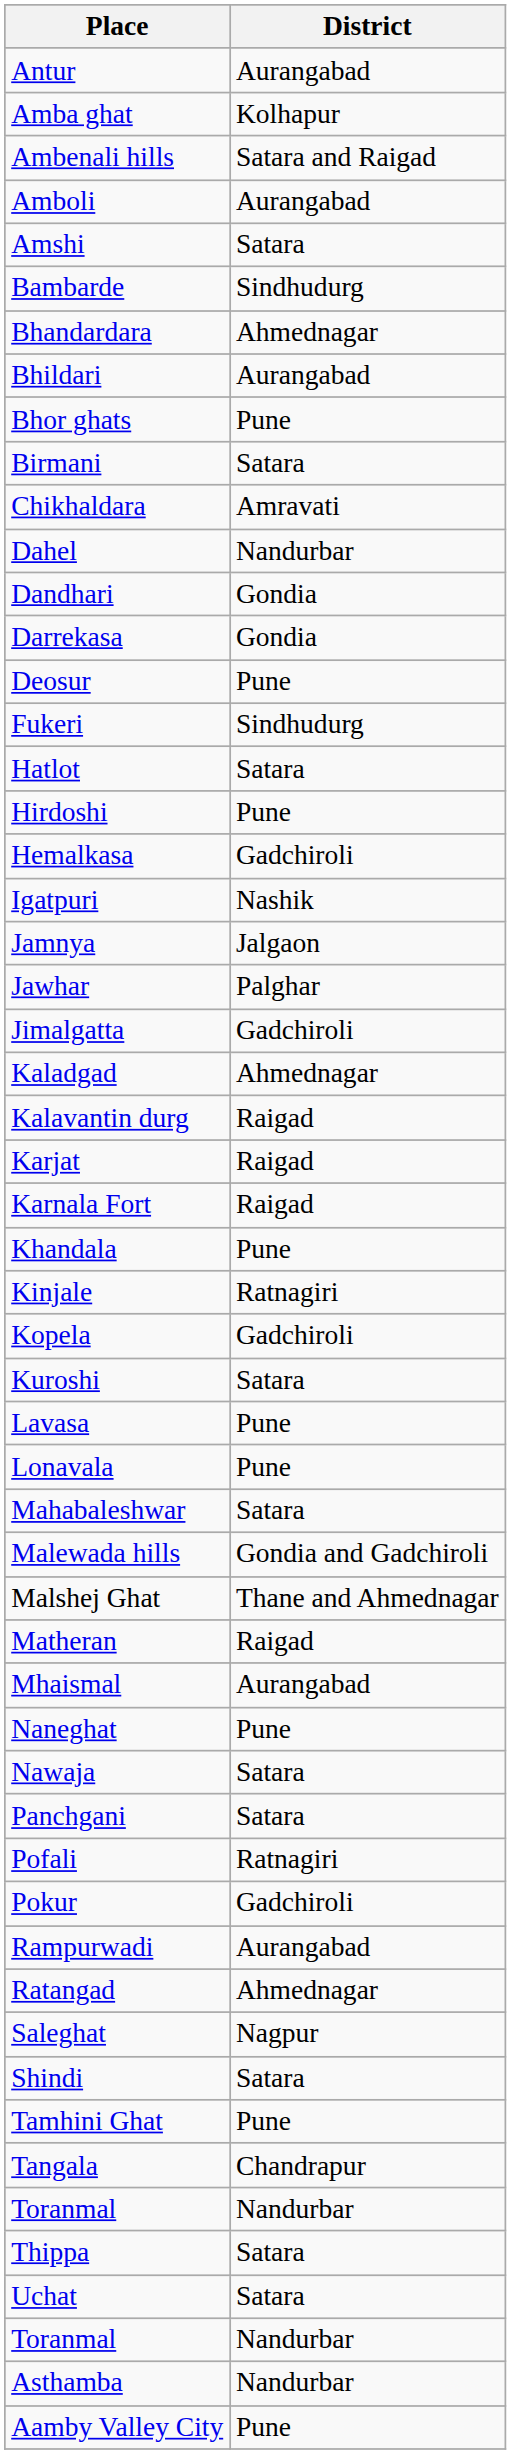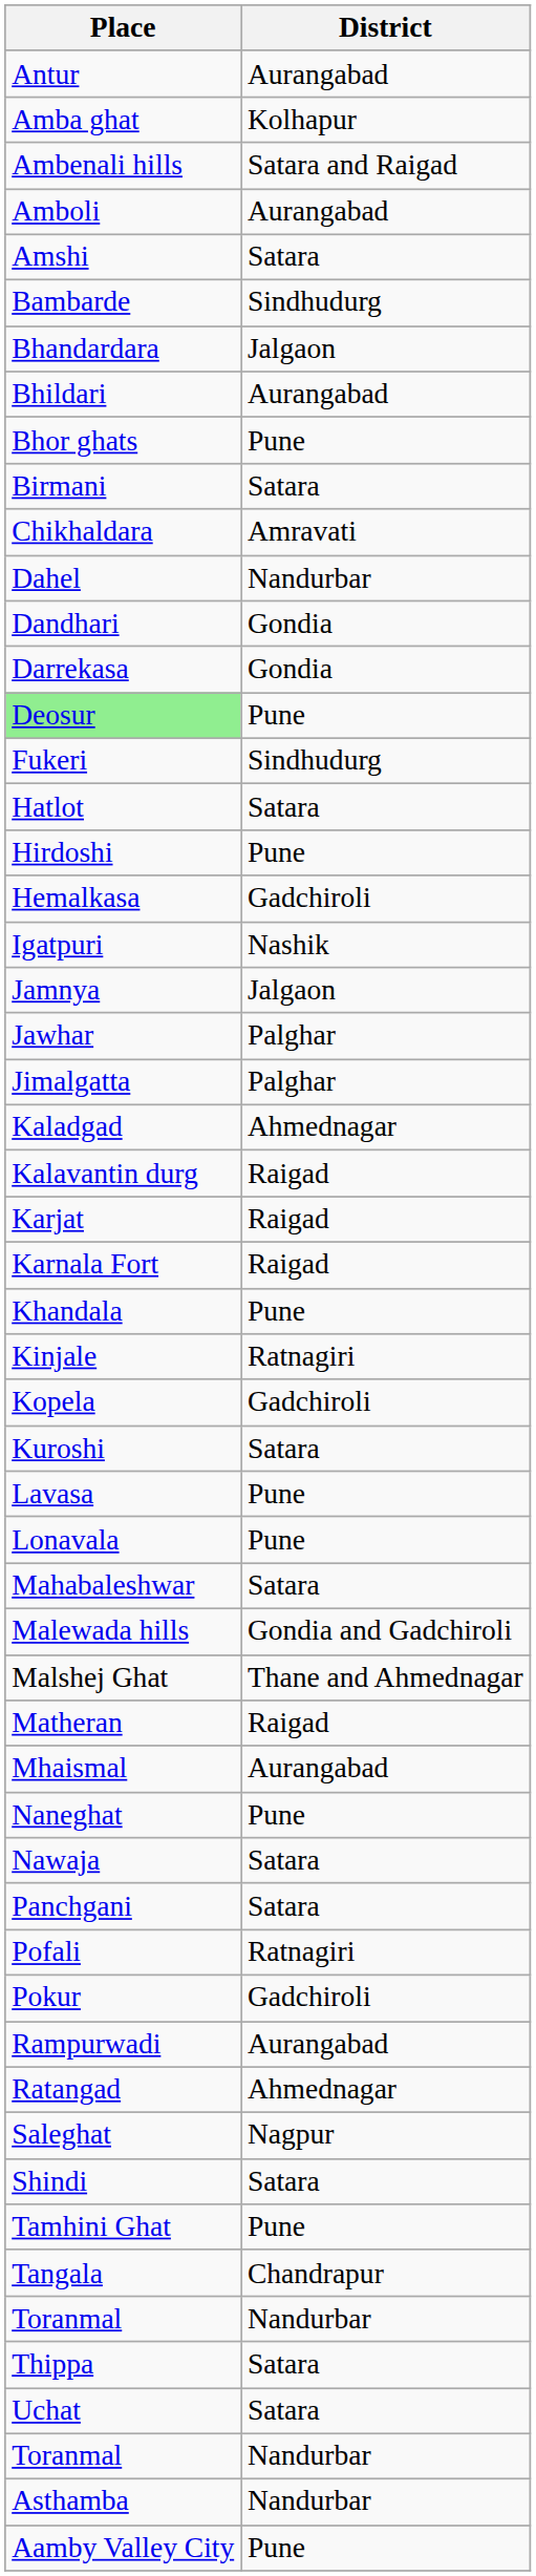 <table class="wikitable sortable">
 <tr>
 <th>Place</th>
 <th>District</th>
 </tr>
 <tr>
 <td><a href='#'>Antur</a></td>
 <td>Aurangabad</td>
 </tr>
 <tr>
 <td><a href='#'>Amba ghat</a></td>
 <td>Kolhapur</td>
 </tr>
 <tr>
 <td><a href='#'>Ambenali hills</a></td>
 <td>Satara and Raigad</td>
 </tr>
 <tr>
 <td><a href='#'>Amboli</a></td>
 <td>Aurangabad</td>
 </tr>
 <tr>
 <td><a href='#'>Amshi</a></td>
 <td>Satara</td>
 </tr>
 <tr>
 <td><a href='#'>Bambarde</a></td>
 <td>Sindhudurg</td>
 </tr>
 <tr>
 <td><a href='#'>Bhandardara</a></td>
-<td>Ahmednagar</td>
+<td>Jalgaon</td>
 </tr>
 <tr>
 <td><a href='#'>Bhildari</a></td>
 <td>Aurangabad</td>
 </tr>
 <tr>
 <td><a href='#'>Bhor ghats</a></td>
 <td>Pune</td>
 </tr>
 <tr>
 <td><a href='#'>Birmani</a></td>
 <td>Satara</td>
 </tr>
 <tr>
 <td><a href='#'>Chikhaldara</a></td>
 <td>Amravati</td>
 </tr>
 <tr>
 <td><a href='#'>Dahel</a></td>
 <td>Nandurbar</td>
 </tr>
 <tr>
 <td><a href='#'>Dandhari</a></td>
 <td>Gondia</td>
 </tr>
 <tr>
 <td><a href='#'>Darrekasa</a></td>
 <td>Gondia</td>
 </tr>
 <tr>
-<td><a href='#'>Deosur</a></td>
+<td style="background: lightgreen;"><a href='#'>Deosur</a></td>
 <td>Pune</td>
 </tr>
 <tr>
 <td><a href='#'>Fukeri</a></td>
 <td>Sindhudurg</td>
 </tr>
 <tr>
 <td><a href='#'>Hatlot</a></td>
 <td>Satara</td>
 </tr>
 <tr>
 <td><a href='#'>Hirdoshi</a></td>
 <td>Pune</td>
 </tr>
 <tr>
 <td><a href='#'>Hemalkasa</a></td>
 <td>Gadchiroli</td>
 </tr>
 <tr>
 <td><a href='#'>Igatpuri</a></td>
 <td>Nashik</td>
 </tr>
 <tr>
 <td><a href='#'>Jamnya</a></td>
 <td>Jalgaon</td>
 </tr>
 <tr>
 <td><a href='#'>Jawhar</a></td>
 <td>Palghar</td>
 </tr>
 <tr>
 <td><a href='#'>Jimalgatta</a></td>
-<td>Gadchiroli</td>
+<td>Palghar</td>
 </tr>
 <tr>
 <td><a href='#'>Kaladgad</a></td>
 <td>Ahmednagar</td>
 </tr>
 <tr>
 <td><a href='#'>Kalavantin durg</a></td>
 <td>Raigad</td>
 </tr>
 <tr>
 <td><a href='#'>Karjat</a></td>
 <td>Raigad</td>
 </tr>
 <tr>
 <td><a href='#'>Karnala Fort</a></td>
 <td>Raigad</td>
 </tr>
 <tr>
 <td><a href='#'>Khandala</a></td>
 <td>Pune</td>
 </tr>
 <tr>
 <td><a href='#'>Kinjale</a></td>
 <td>Ratnagiri</td>
 </tr>
 <tr>
 <td><a href='#'>Kopela</a></td>
 <td>Gadchiroli</td>
 </tr>
 <tr>
 <td><a href='#'>Kuroshi</a></td>
 <td>Satara</td>
 </tr>
 <tr>
 <td><a href='#'>Lavasa</a></td>
 <td>Pune</td>
 </tr>
 <tr>
 <td><a href='#'>Lonavala</a></td>
 <td>Pune</td>
 </tr>
 <tr>
 <td><a href='#'>Mahabaleshwar</a></td>
 <td>Satara</td>
 </tr>
 <tr>
 <td><a href='#'>Malewada hills</a></td>
 <td>Gondia and Gadchiroli</td>
 </tr>
 <tr>
 <td>Malshej Ghat</td>
 <td>Thane and Ahmednagar</td>
 </tr>
 <tr>
 <td><a href='#'>Matheran</a></td>
 <td>Raigad</td>
 </tr>
 <tr>
 <td><a href='#'>Mhaismal</a></td>
 <td>Aurangabad</td>
 </tr>
 <tr>
 <td><a href='#'>Naneghat</a></td>
 <td>Pune</td>
 </tr>
 <tr>
 <td><a href='#'>Nawaja</a></td>
 <td>Satara</td>
 </tr>
 <tr>
 <td><a href='#'>Panchgani</a></td>
 <td>Satara</td>
 </tr>
 <tr>
 <td><a href='#'>Pofali</a></td>
 <td>Ratnagiri</td>
 </tr>
 <tr>
 <td><a href='#'>Pokur</a></td>
 <td>Gadchiroli</td>
 </tr>
 <tr>
 <td><a href='#'>Rampurwadi</a></td>
 <td>Aurangabad</td>
 </tr>
 <tr>
 <td><a href='#'>Ratangad</a></td>
 <td>Ahmednagar</td>
 </tr>
 <tr>
 <td><a href='#'>Saleghat</a></td>
 <td>Nagpur</td>
 </tr>
 <tr>
 <td><a href='#'>Shindi</a></td>
 <td>Satara</td>
 </tr>
 <tr>
 <td><a href='#'>Tamhini Ghat</a></td>
 <td>Pune</td>
 </tr>
 <tr>
 <td><a href='#'>Tangala</a></td>
 <td>Chandrapur</td>
 </tr>
 <tr>
 <td><a href='#'>Toranmal</a></td>
 <td>Nandurbar</td>
 </tr>
 <tr>
 <td><a href='#'>Thippa</a></td>
 <td>Satara</td>
 </tr>
 <tr>
 <td><a href='#'>Uchat</a></td>
 <td>Satara</td>
 </tr>
 <tr>
 <td><a href='#'>Toranmal</a></td>
 <td>Nandurbar</td>
 </tr>
 <tr>
 <td><a href='#'>Asthamba</a></td>
 <td>Nandurbar</td>
 </tr>
 <tr>
 <td><a href='#'>Aamby Valley City</a></td>
 <td>Pune</td>
 </tr>
 </table>
